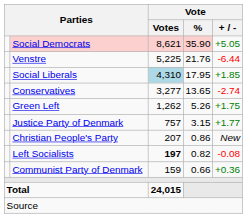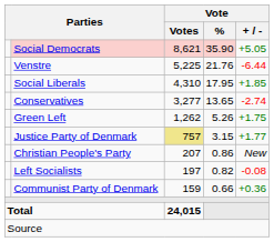 <table class="wikitable" style="text-align:right;">
 <tr>
 <th style="text-align:centre;" rowspan="2" colspan="2" width="225">Parties</th>
 <th colspan="3">Vote</th>
 </tr>
 <tr>
 <th width="15">Votes</th>
 <th width="15">%</th>
 <th width="15">+ / -</th>
 </tr>
 <tr>
 <td width="2" style="color:inherit;background:"></td>
 <td bgcolor=#fbd0ce  align="left"><a href='#'>Social Democrats</a></td>
 <td bgcolor=#fbd0ce>8,621</td>
 <td bgcolor=#fbd0ce>35.90</td>
 <td style=color:green;>+5.05</td>
 </tr>
 <tr>
 <td width="2" style="color:inherit;background:"></td>
 <td align="left"><a href='#'>Venstre</a></td>
 <td>5,225</td>
 <td>21.76</td>
 <td style=color:red;>-6.44</td>
 </tr>
 <tr>
 <td width="2" style="color:inherit;background:"></td>
 <td align="left"><a href='#'>Social Liberals</a></td>
-<td style="background: lightblue;">4,310</td>
+<td>4,310</td>
 <td>17.95</td>
 <td style=color:green;>+1.85</td>
 </tr>
 <tr>
 <td width="2" style="color:inherit;background:"></td>
 <td align="left"><a href='#'>Conservatives</a></td>
 <td>3,277</td>
 <td>13.65</td>
 <td style=color:red;>-2.74</td>
 </tr>
 <tr>
 <td width="2" style="color:inherit;background:"></td>
 <td align="left"><a href='#'>Green Left</a></td>
 <td>1,262</td>
 <td>5.26</td>
 <td style=color:green;>+1.75</td>
 </tr>
 <tr>
 <td width="2" style="color:inherit;background:"></td>
 <td align="left"><a href='#'>Justice Party of Denmark</a></td>
-<td>757</td>
+<td style="background: khaki;">757</td>
 <td>3.15</td>
 <td style=color:green;>+1.77</td>
 </tr>
 <tr>
 <td width="2" style="color:inherit;background:"></td>
 <td align="left"><a href='#'>Christian People's Party</a></td>
 <td>207</td>
 <td>0.86</td>
 <td><em>New</em></td>
 </tr>
 <tr>
 <td width="2" style="color:inherit;background:"></td>
 <td align="left"><a href='#'>Left Socialists</a></td>
-<td><strong>197</strong></td>
+<td>197</td>
 <td>0.82</td>
 <td style=color:red;>-0.08</td>
 </tr>
 <tr>
 <td width="2" style="color:inherit;background:"></td>
 <td align="left"><a href='#'>Communist Party of Denmark</a></td>
 <td>159</td>
 <td>0.66</td>
 <td style=color:green;>+0.36</td>
 </tr>
 <tr>
 <td colspan="7" bgcolor="#E9E9E9"></td>
 </tr>
 <tr>
 <td align="left" colspan="2"><strong>Total</strong></td>
 <td><strong>24,015</strong></td>
 <td bgcolor="#E9E9E9" colspan="2"></td>
 </tr>
 <tr>
 <td align="left" colspan="6">Source</td>
 </tr>
 </table>
